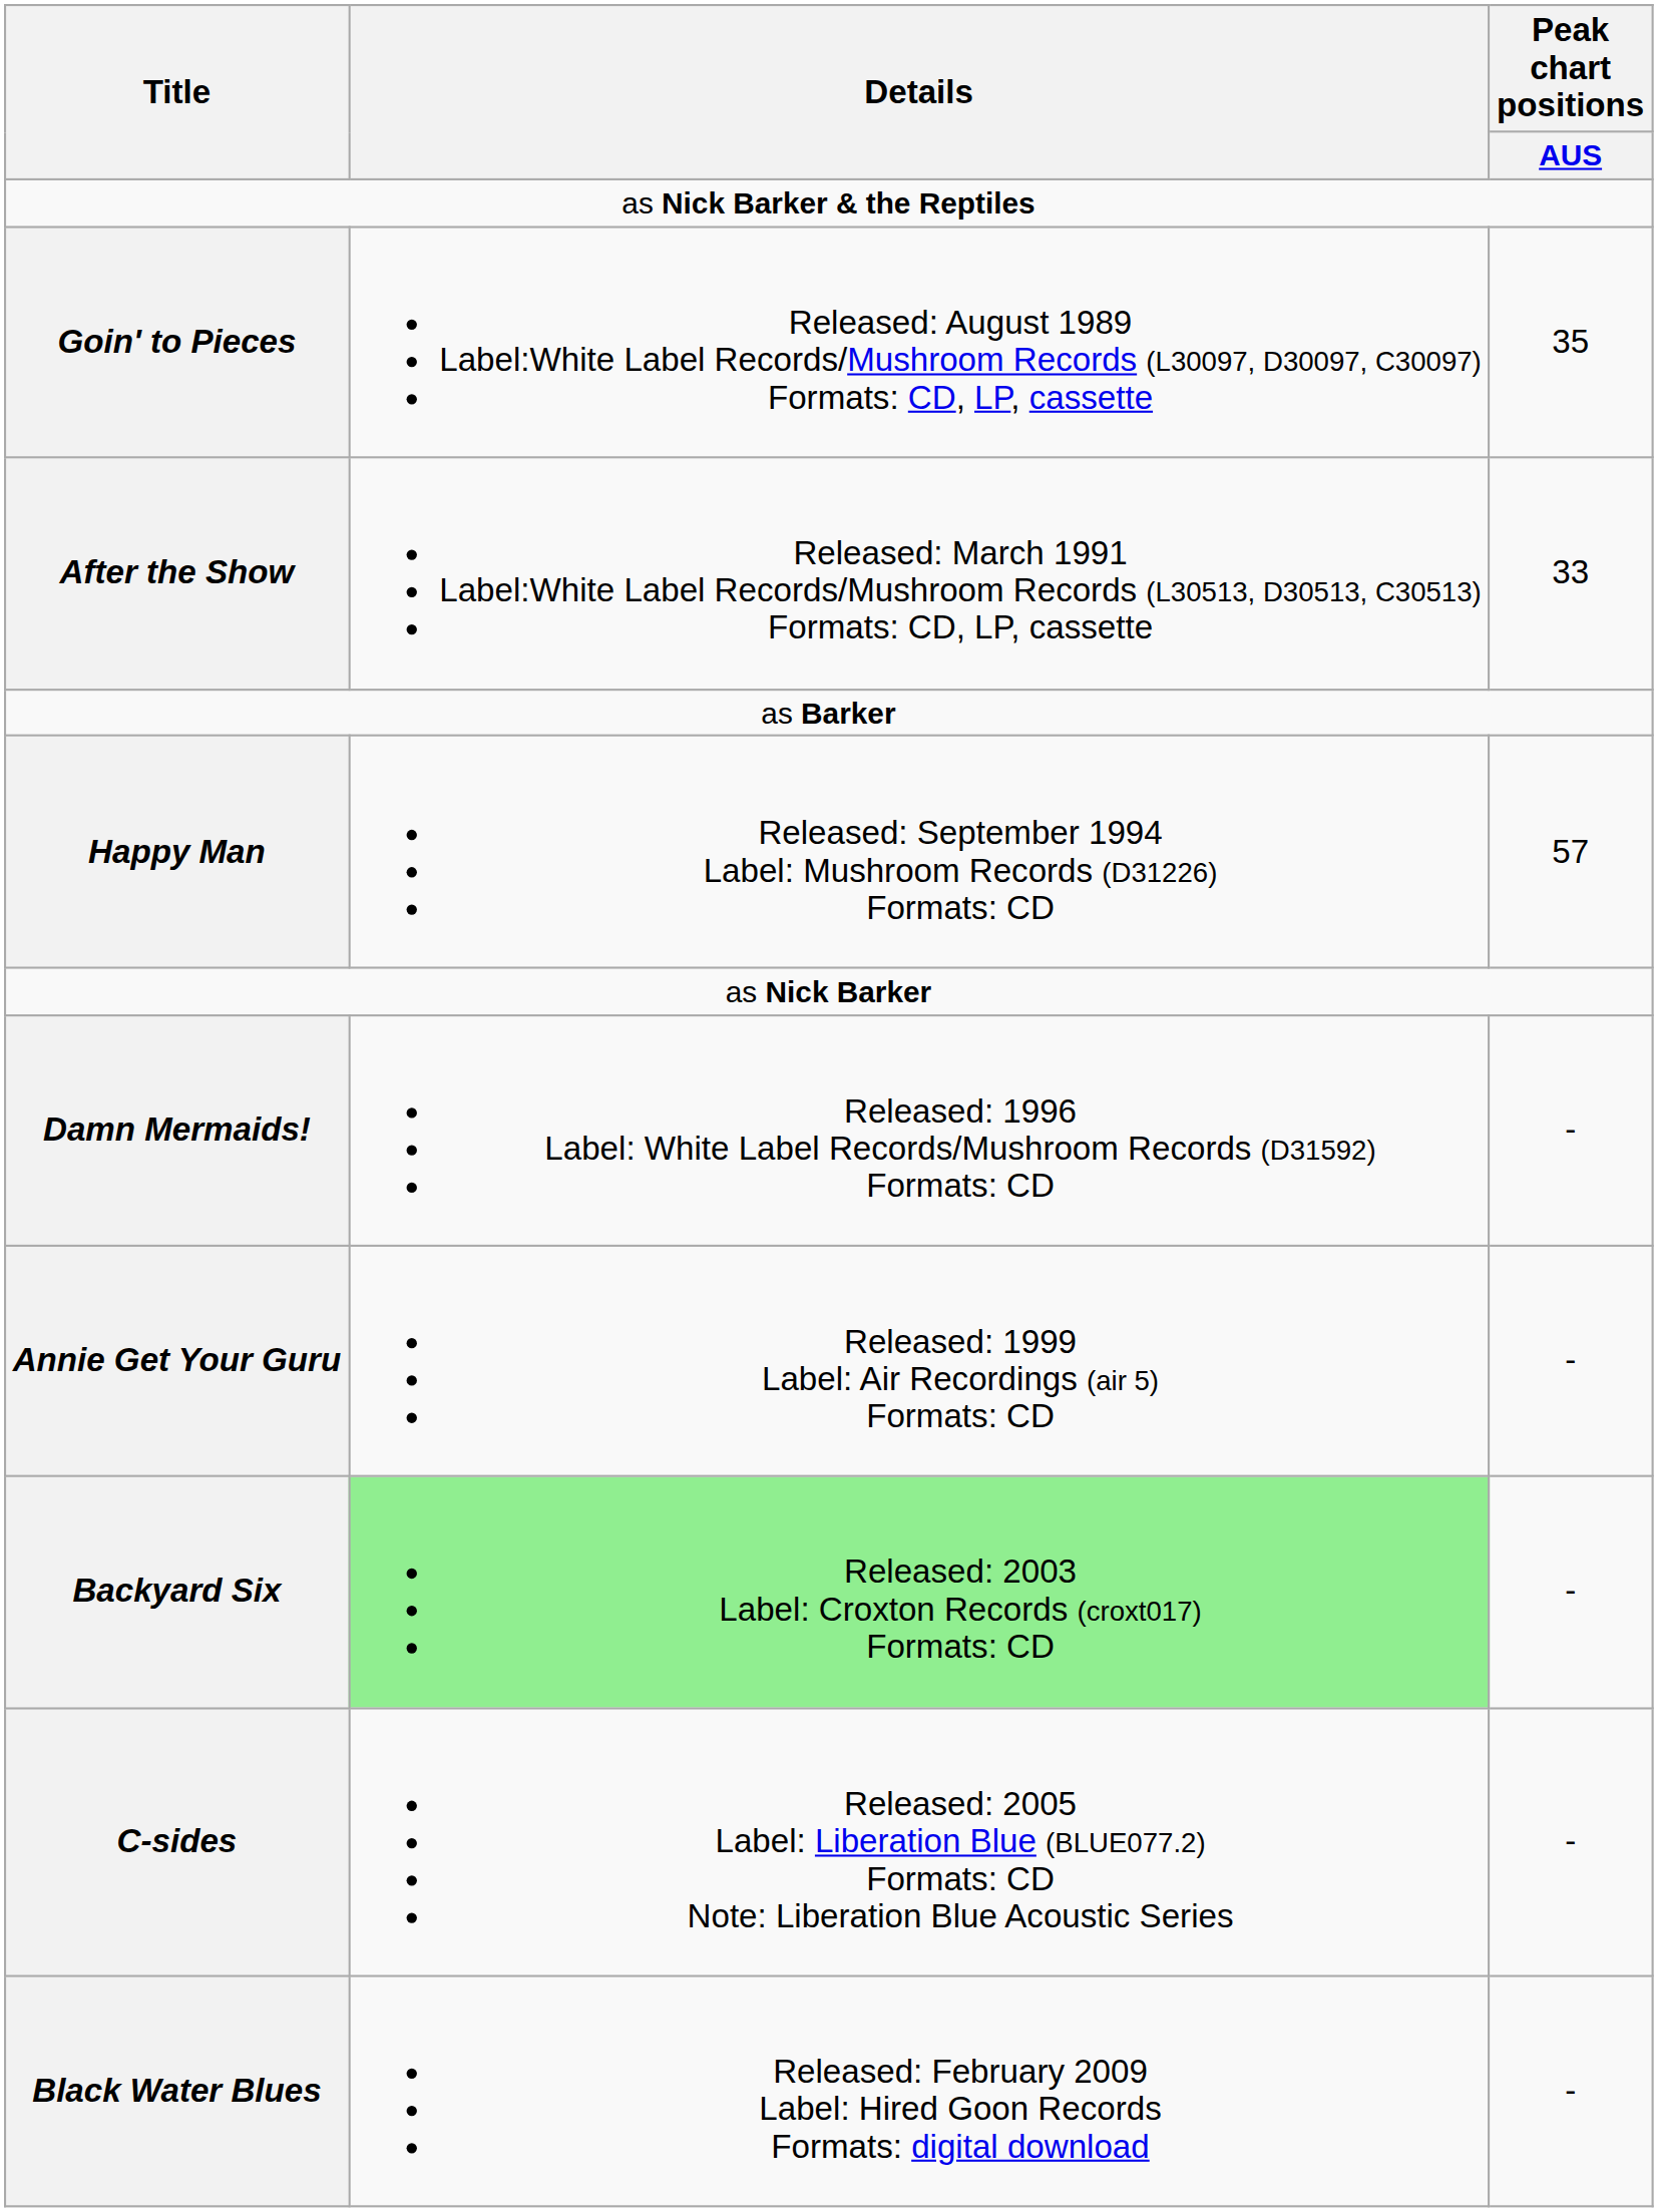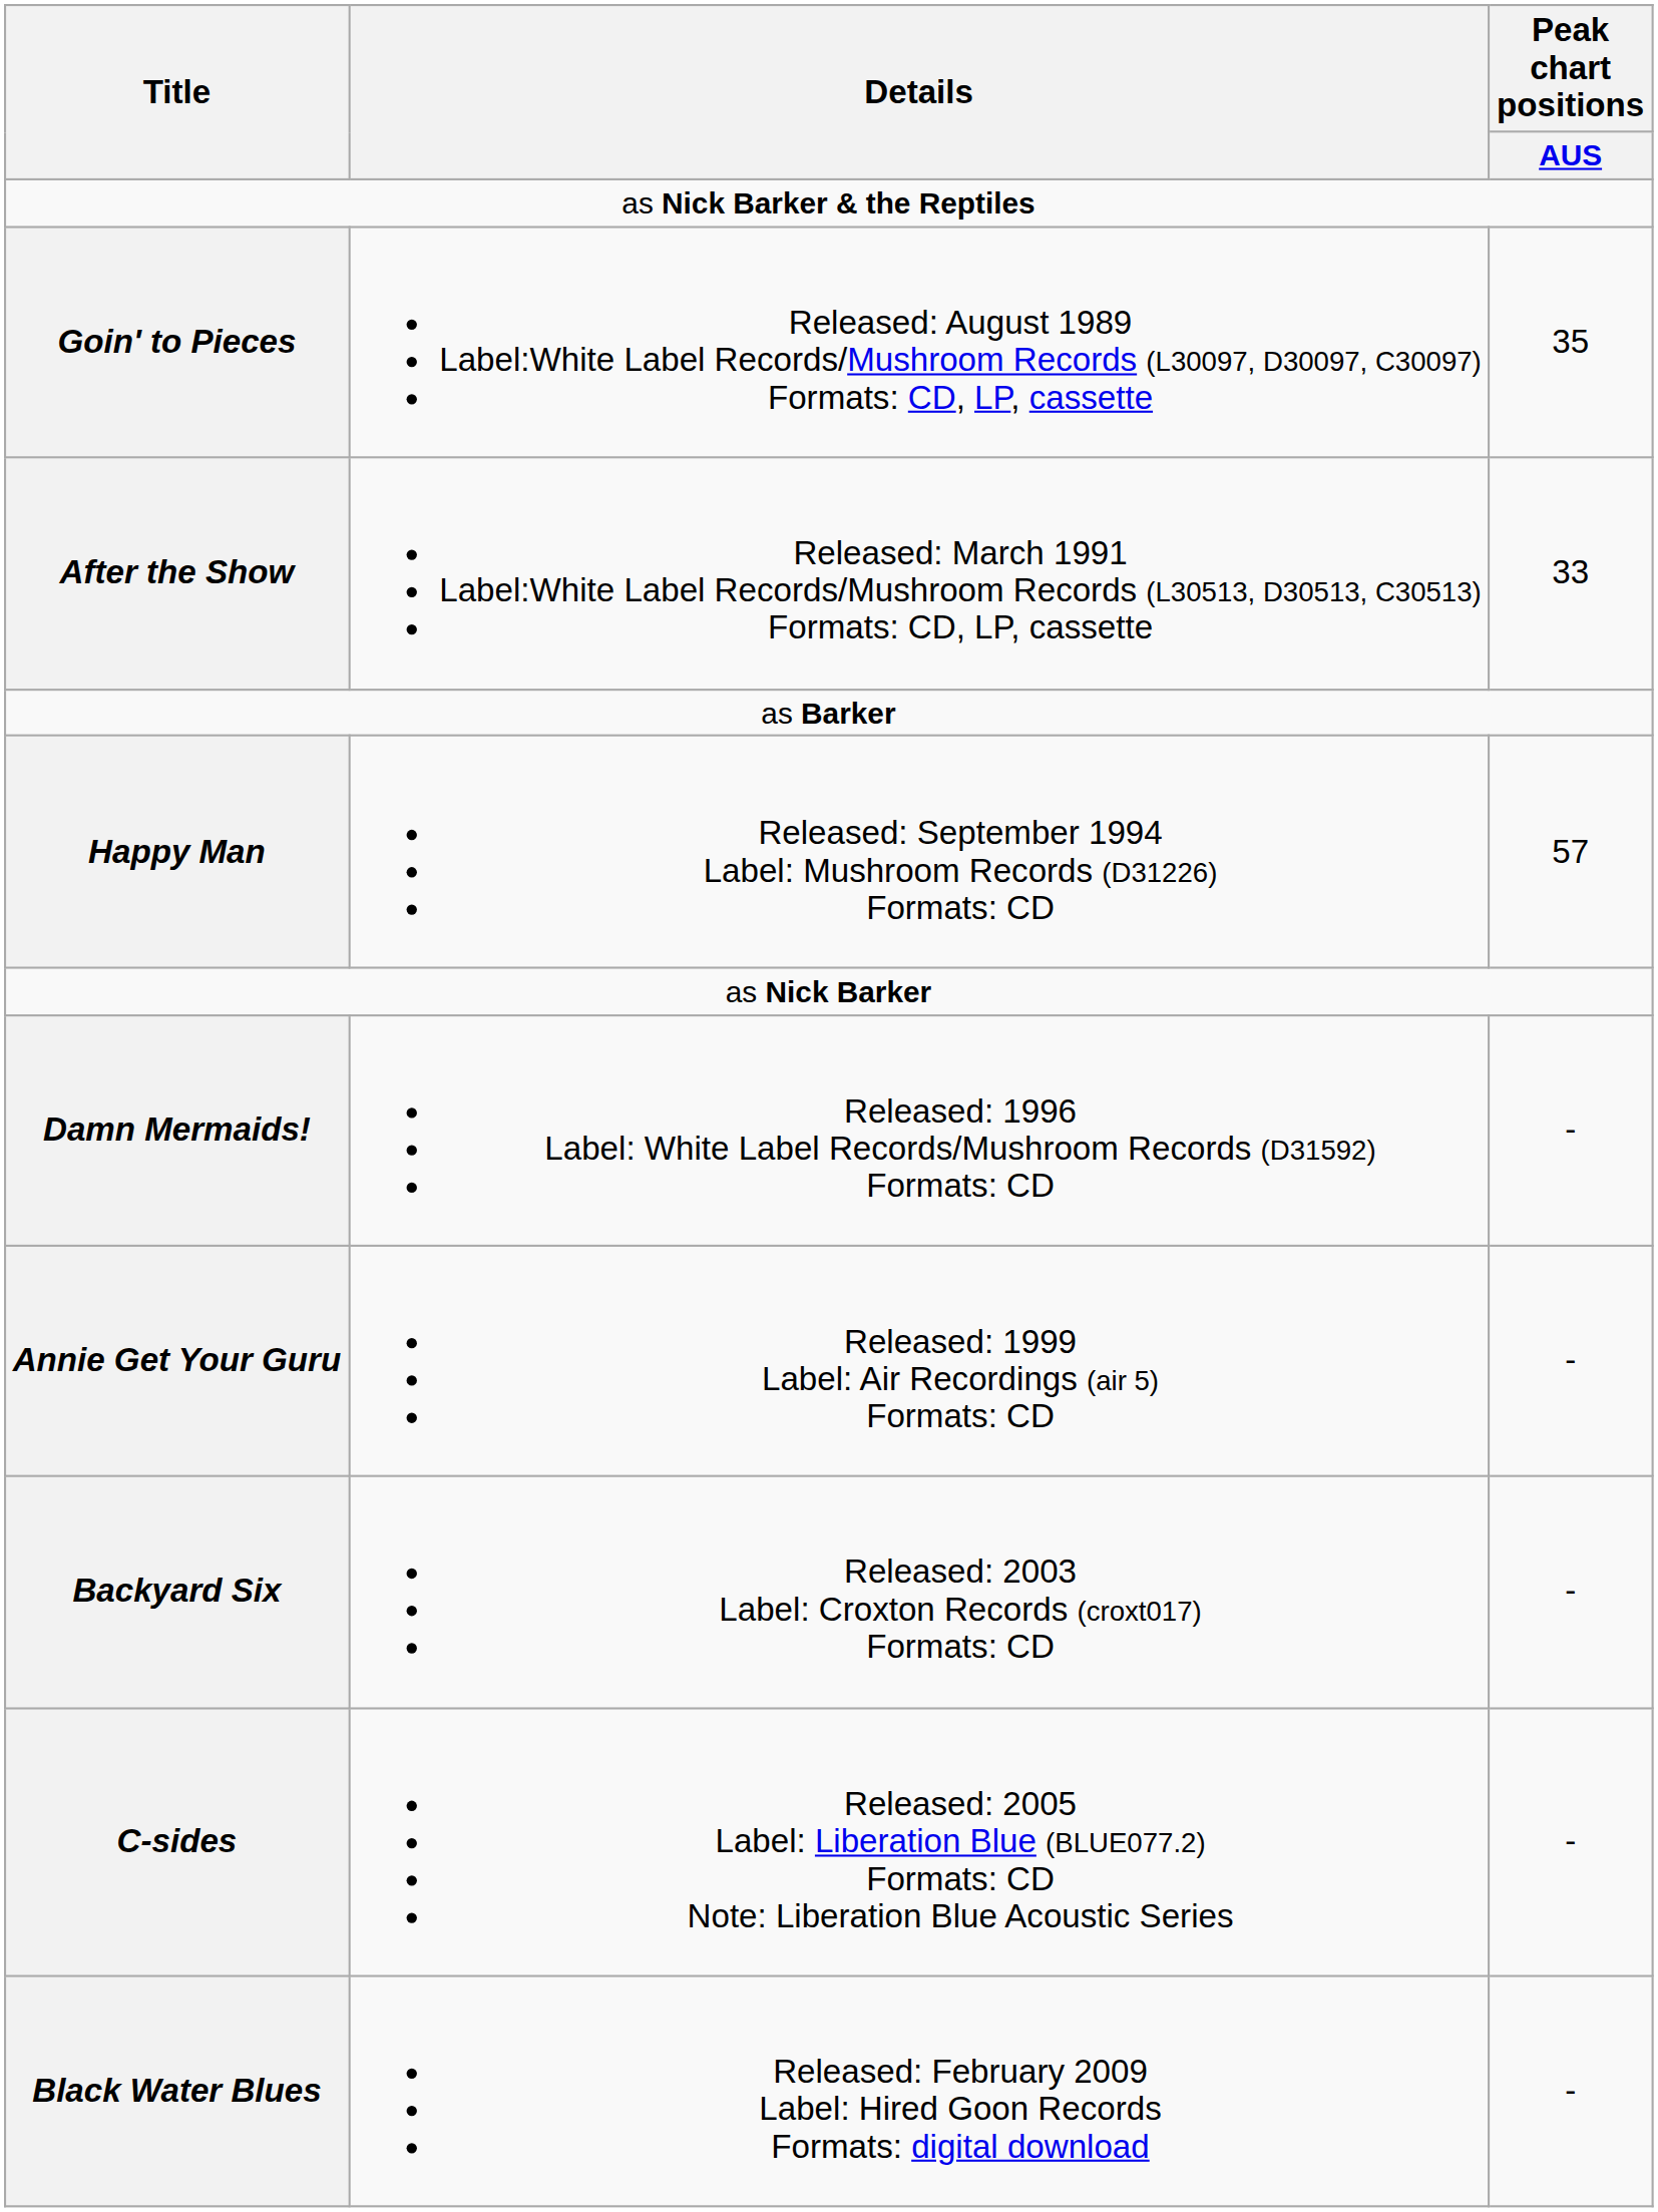 <table class="wikitable plainrowheaders" style="text-align:center;">
 <tr>
 <th scope="col" rowspan="2">Title</th>
 <th scope="col" rowspan="2">Details</th>
 <th scope="col" colspan="1">Peak chart positions</th>
 </tr>
 <tr>
 <th scope="col" style="width:3em;font-size:90%;"><a href='#'>AUS</a></th>
 </tr>
 <tr>
 <td colspan="13" style="font-size:90%">as <strong>Nick Barker & the Reptiles</strong></td>
 </tr>
 <tr>
 <th scope="row"><em>Goin' to Pieces</em></th>
 <td><br><ul><li>Released: August 1989</li><li>Label:White Label Records/<a href='#'>Mushroom Records</a> <small>(L30097, D30097, C30097)</small></li><li>Formats: <a href='#'>CD</a>, <a href='#'>LP</a>, <a href='#'>cassette</a></li></ul></td>
 <td>35</td>
 </tr>
 <tr>
 <th scope="row"><em>After the Show</em></th>
 <td><br><ul><li>Released: March 1991</li><li>Label:White Label Records/Mushroom Records <small>(L30513, D30513, C30513)</small></li><li>Formats: CD, LP, cassette</li></ul></td>
 <td>33</td>
 </tr>
 <tr>
 <td colspan="13" style="font-size:90%">as <strong>Barker</strong></td>
 </tr>
 <tr>
 <th scope="row"><em>Happy Man</em></th>
 <td><br><ul><li>Released: September 1994</li><li>Label: Mushroom Records <small>(D31226)</small></li><li>Formats: CD</li></ul></td>
 <td>57</td>
 </tr>
 <tr>
 <td colspan="13" style="font-size:90%">as <strong>Nick Barker</strong></td>
 </tr>
 <tr>
 <th scope="row"><em>Damn Mermaids!</em></th>
 <td><br><ul><li>Released: 1996</li><li>Label: White Label Records/Mushroom Records <small>(D31592)</small></li><li>Formats: CD</li></ul></td>
 <td>-</td>
 </tr>
 <tr>
 <th scope="row"><em>Annie Get Your Guru</em></th>
 <td><br><ul><li>Released: 1999</li><li>Label: Air Recordings <small>(air 5)</small></li><li>Formats: CD</li></ul></td>
 <td>-</td>
 </tr>
 <tr>
 <th scope="row"><em>Backyard Six</em></th>
-<td style="background: lightgreen;"><br><ul><li>Released: 2003</li><li>Label: Croxton Records <small>(croxt017)</small></li><li>Formats: CD</li></ul></td>
+<td><br><ul><li>Released: 2003</li><li>Label: Croxton Records <small>(croxt017)</small></li><li>Formats: CD</li></ul></td>
 <td>-</td>
 </tr>
 <tr>
 <th scope="row"><em>C-sides</em></th>
 <td><br><ul><li>Released: 2005</li><li>Label: <a href='#'>Liberation Blue</a> <small>(BLUE077.2)</small></li><li>Formats: CD</li><li>Note: Liberation Blue Acoustic Series</li></ul></td>
 <td>-</td>
 </tr>
 <tr>
 <th scope="row"><em>Black Water Blues</em></th>
 <td><br><ul><li>Released: February 2009</li><li>Label: Hired Goon Records</li><li>Formats: <a href='#'>digital download</a></li></ul></td>
 <td>-</td>
 </tr>
 </table>
